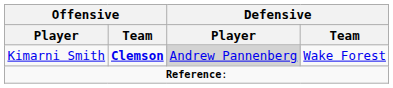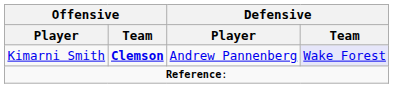 <table class="wikitable" style="text-align: center;">
 <tr>
 <th colspan="2">Offensive</th>
 <th colspan="2">Defensive</th>
 </tr>
 <tr>
 <th>Player</th>
 <th>Team</th>
 <th>Player</th>
 <th>Team</th>
 </tr>
 <tr>
 <td><a href='#'>Kimarni Smith</a></td>
 <td><strong><a href='#'>Clemson</a></strong></td>
-<td style="background: lightgrey;"><a href='#'>Andrew Pannenberg</a></td>
-<td><a href='#'>Wake Forest</a></td>
+<td><a href='#'>Andrew Pannenberg</a></td>
+<td style="background: lavender;"><a href='#'>Wake Forest</a></td>
 </tr>
 <tr>
 <td colspan="12"  style="font-size:8pt; text-align:center;"><strong>Reference</strong>:</td>
 </tr>
 </table>
